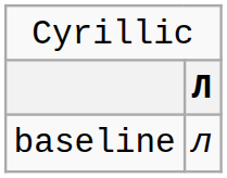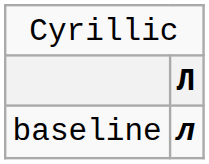 <table class=wikitable style=text-align:center>
 <tr>
 <td colspan="2">Cyrillic</td>
 </tr>
 <tr>
 <th></th>
 <th>Л</th>
 </tr>
 <tr>
 <td>baseline</td>
-<td><em>ᴫ</em></td>
+<td><strong><em>ᴫ</em></strong></td>
 </tr>
 </table>
